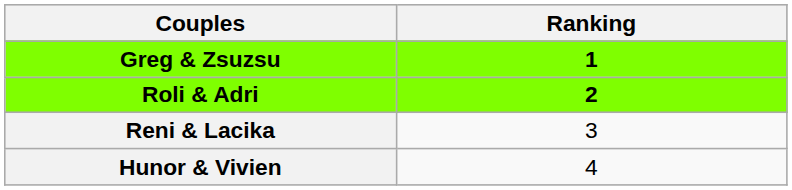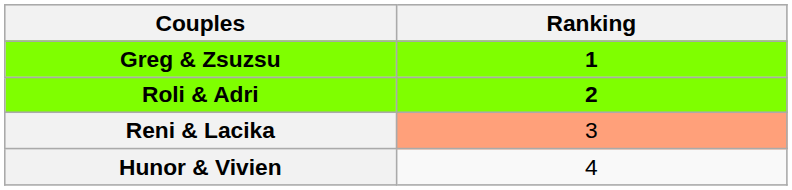 <table class="wikitable" style="text-align: center; font-size:90%; width: 25%">
 <tr>
 <th style="width: 5%;">Couples</th>
 <th style="width: 5%;">Ranking</th>
 </tr>
 <tr>
 <th style="background:#7FFF00"><strong>Greg & Zsuzsu</strong></th>
 <td style="background:#7FFF00"><strong>1</strong></td>
 </tr>
 <tr>
 <th style="background:#7FFF00"><strong>Roli & Adri</strong></th>
 <td style="background:#7FFF00"><strong>2</strong></td>
 </tr>
 <tr>
 <th>Reni & Lacika</th>
-<td>3</td>
+<td style="background: lightsalmon;">3</td>
 </tr>
 <tr>
 <th>Hunor & Vivien</th>
 <td>4</td>
 </tr>
 </table>
